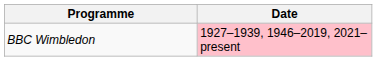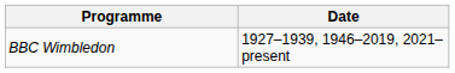 <table class="wikitable">
 <tr>
 <th width=250>Programme</th>
 <th width=225>Date</th>
 </tr>
 <tr>
 <td><em>BBC Wimbledon</em></td>
-<td style="background: pink;">1927–1939, 1946–2019, 2021–present</td>
+<td>1927–1939, 1946–2019, 2021–present</td>
 </tr>
 </table>
